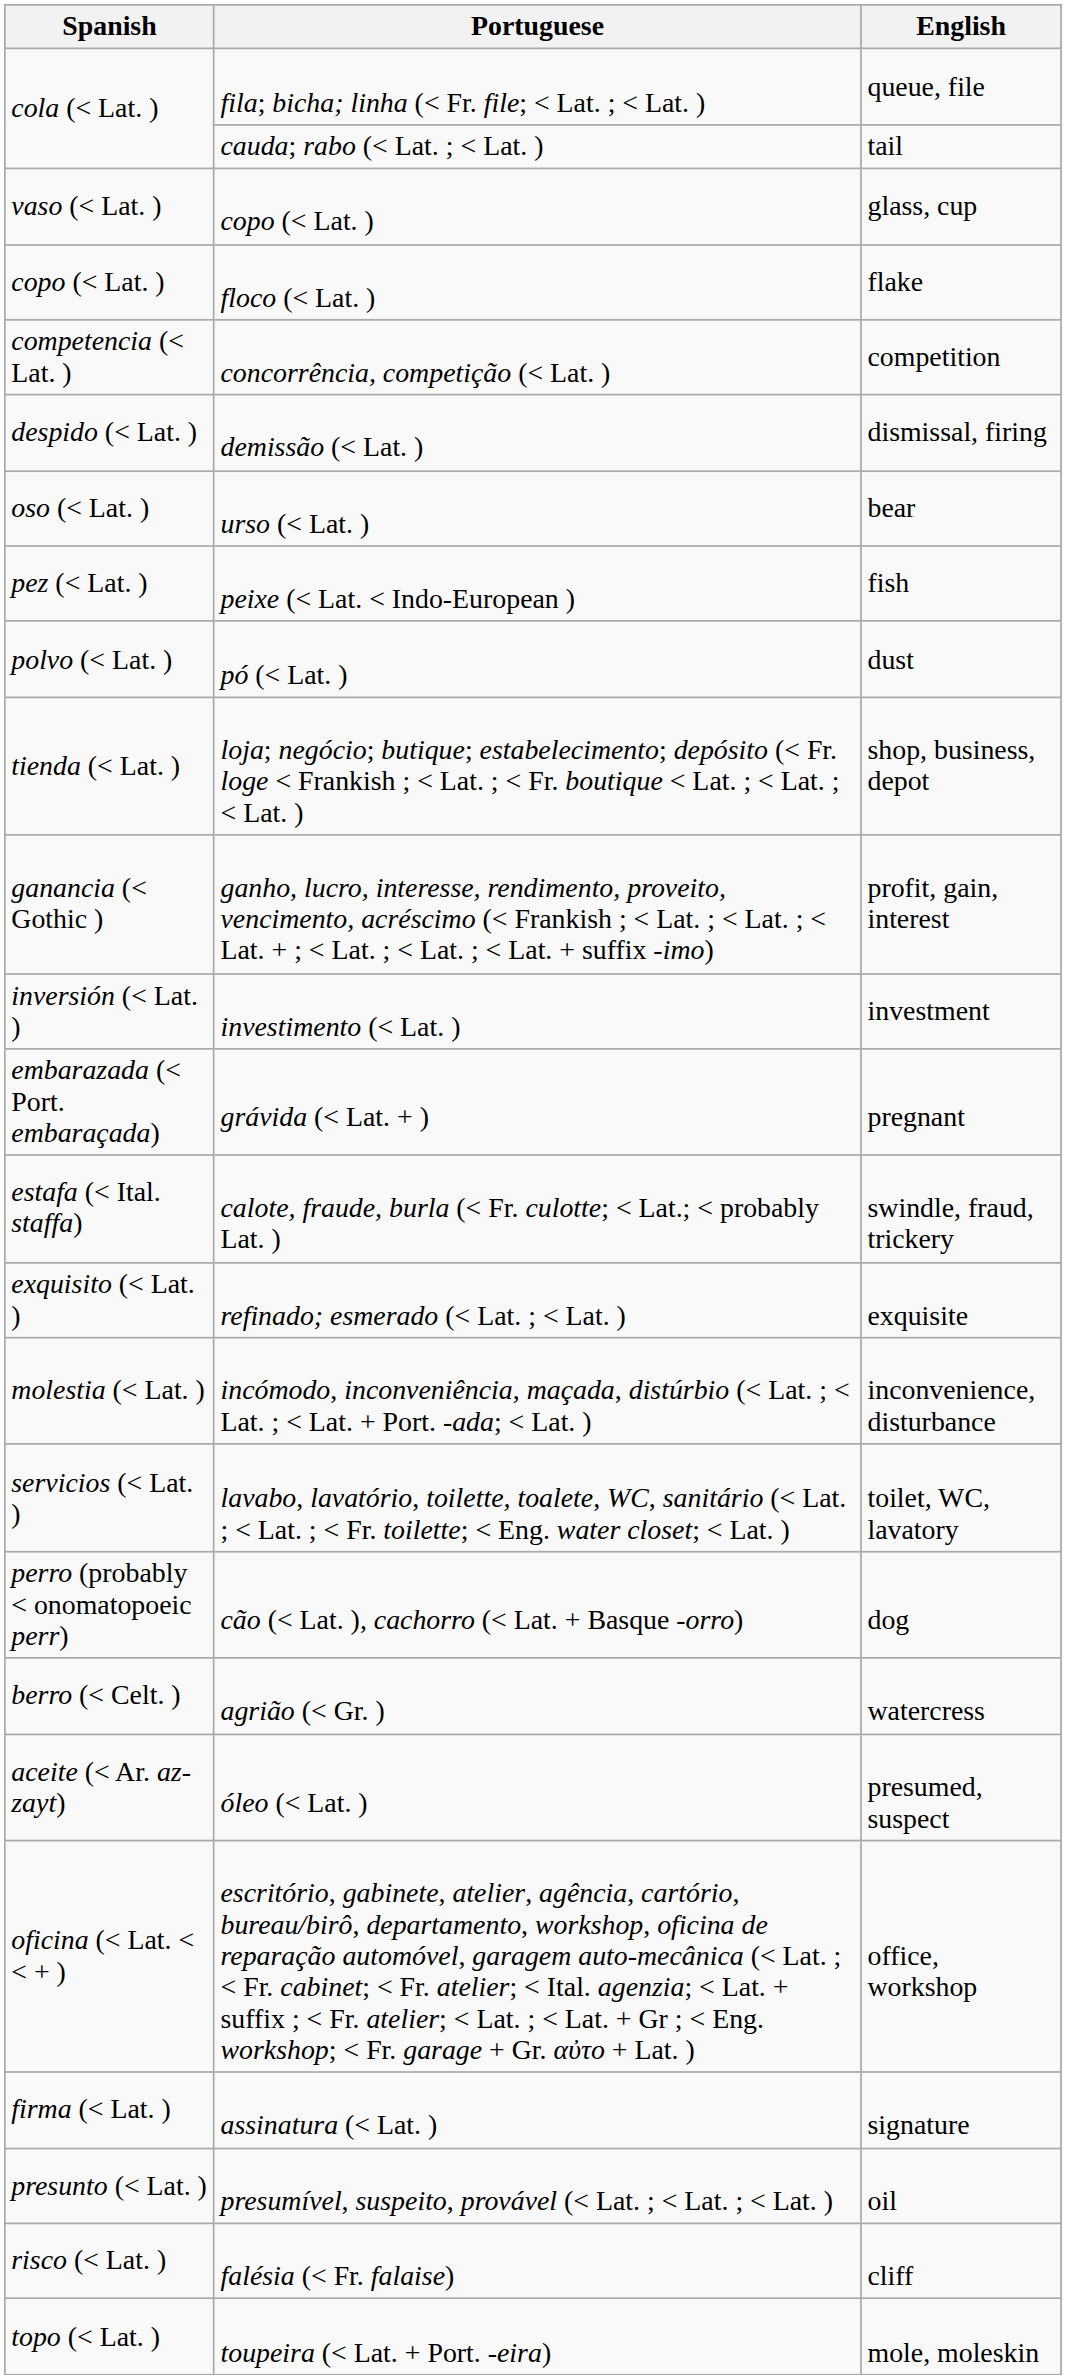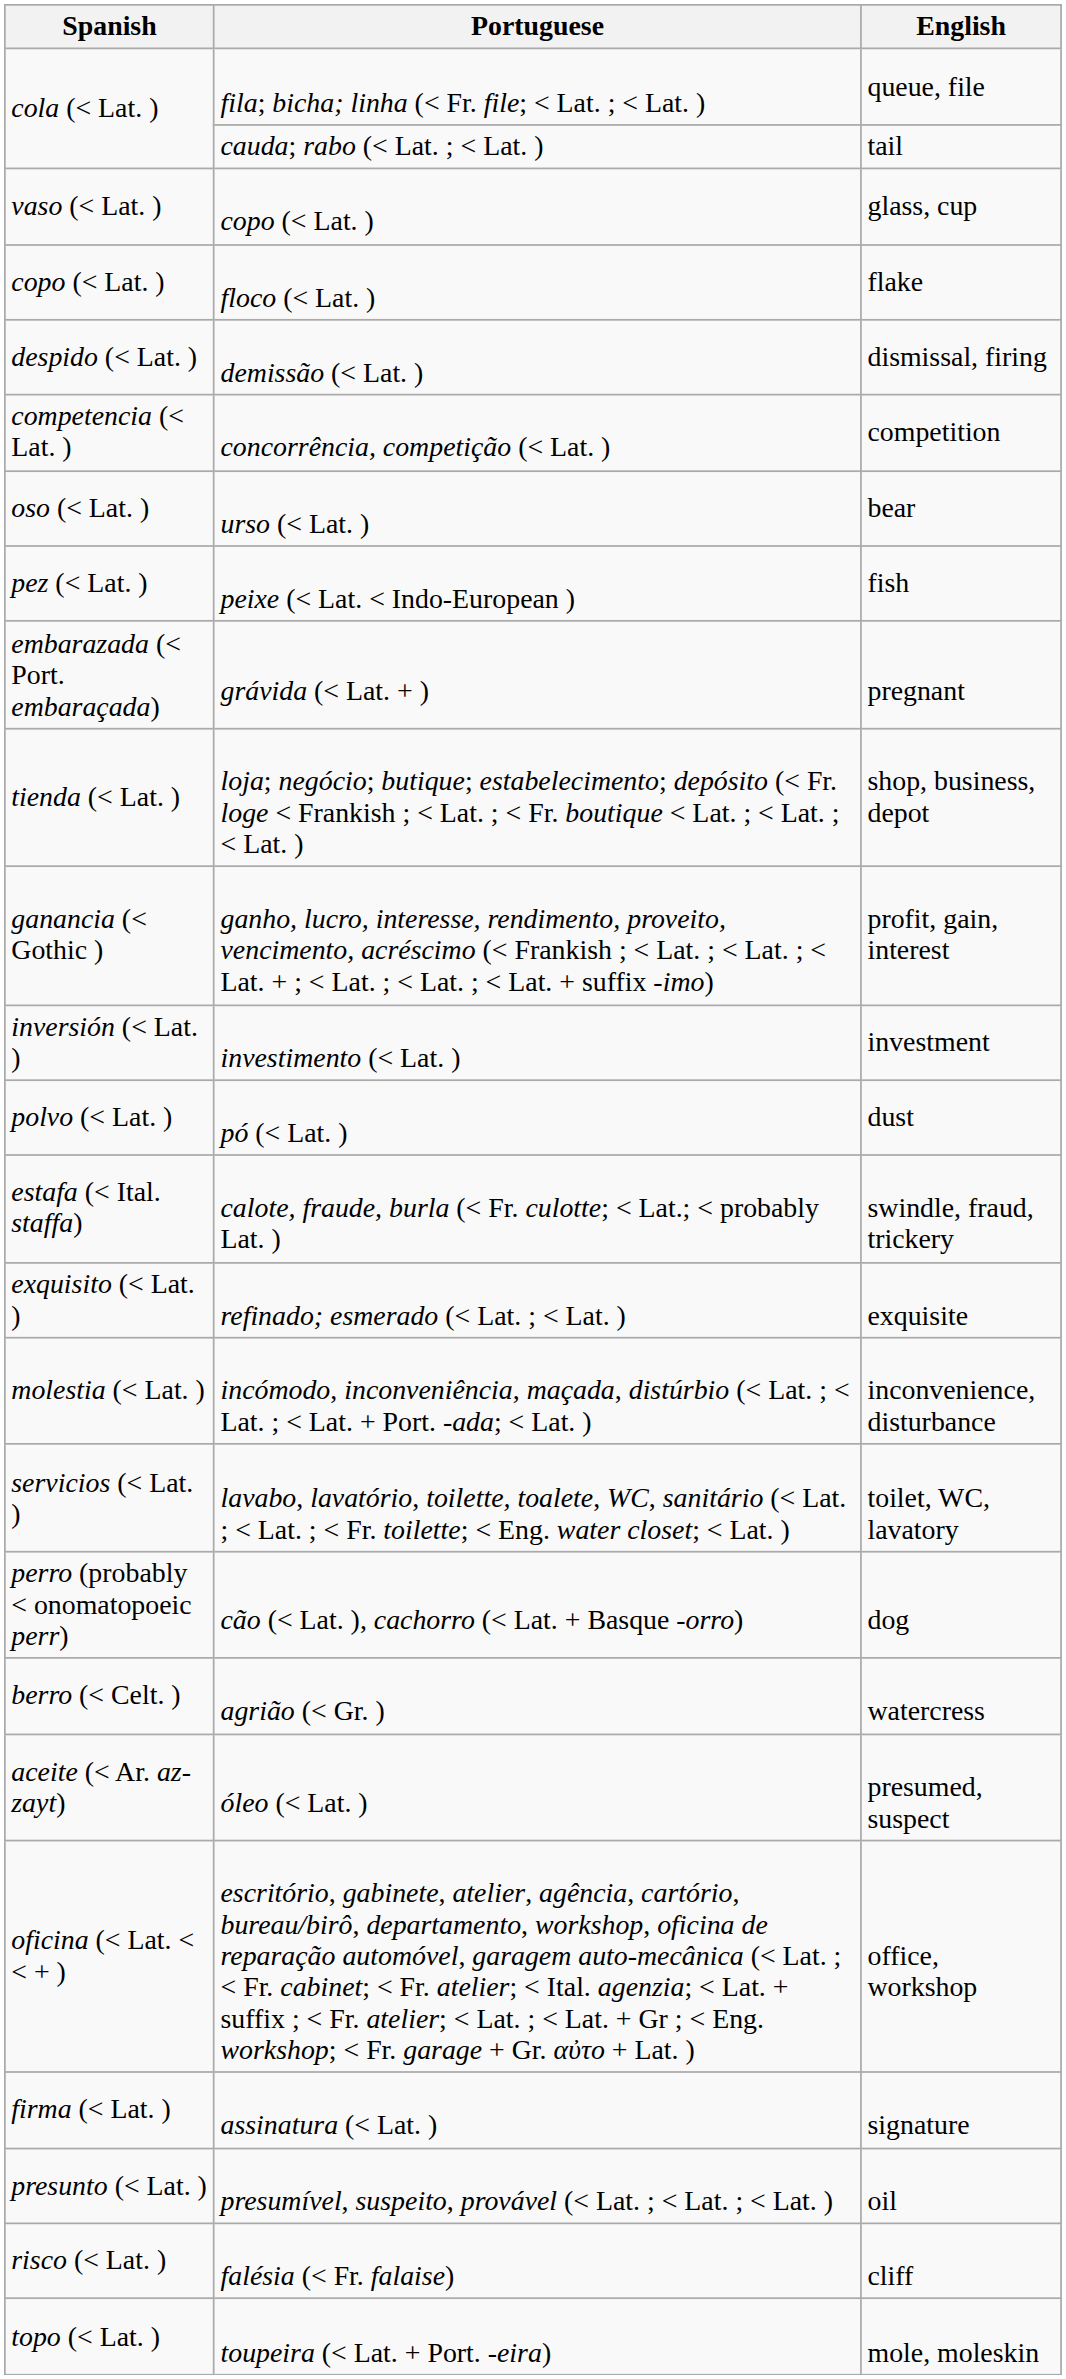 <table class="wikitable">
 <tr align=center>
 <th>Spanish</th>
 <th>Portuguese</th>
 <th>English</th>
 </tr>
 <tr align=left>
 <td rowspan="2"><em>cola</em> (< Lat. )</td>
 <td><br><em>fila</em>; <em>bicha; linha</em> (< Fr. <em>file</em>; < Lat. ; < Lat. )</td>
 <td>queue, file</td>
 </tr>
 <tr>
 <td><em>cauda</em>; <em>rabo</em> (< Lat. ; < Lat. )</td>
 <td>tail</td>
 </tr>
 <tr align=left>
 <td><em>vaso</em> (< Lat. )</td>
 <td><br><em>copo</em> (< Lat. )</td>
 <td>glass, cup</td>
 </tr>
 <tr align=left>
 <td><em>copo</em> (< Lat. )</td>
 <td><br><em>floco</em> (< Lat. )</td>
 <td>flake</td>
 </tr>
 <tr align=left>
+<td><em>despido</em> (< Lat. )</td>
+<td><br><em>demissão</em> (< Lat. )</td>
+<td>dismissal, firing</td>
+</tr>
+<tr align=left>
 <td><em>competencia</em> (< Lat. )</td>
 <td><br><em>concorrência, competição</em> (< Lat. )</td>
 <td>competition</td>
-</tr>
-<tr align=left>
-<td><em>despido</em> (< Lat. )</td>
-<td><br><em>demissão</em> (< Lat. )</td>
-<td>dismissal, firing</td>
 </tr>
 <tr align=left>
 <td><em>oso</em> (< Lat. )</td>
 <td><br><em>urso</em> (< Lat. )</td>
 <td>bear</td>
 </tr>
 <tr align=left>
 <td><em>pez</em> (< Lat. )</td>
 <td><br><em>peixe</em> (< Lat.  < Indo-European )</td>
 <td>fish</td>
 </tr>
 <tr align=left>
-<td><em>polvo</em> (< Lat. )</td>
-<td><br><em>pó</em> (< Lat. )</td>
-<td>dust</td>
+<td><em>embarazada</em> (< Port. <em>embaraçada</em>)</td>
+<td><br><em>grávida</em> (< Lat.  + )</td>
+<td><br>pregnant</td>
 </tr>
 <tr align=left>
 <td><em>tienda</em> (< Lat. )</td>
 <td><br><em>loja</em>; <em>negócio</em>; <em>butique</em>; <em>estabelecimento</em>; <em>depósito</em> (< Fr. <em>loge</em> < Frankish ; < Lat. ; < Fr. <em>boutique</em> < Lat. ; < Lat. ; < Lat. )</td>
 <td>shop, business, depot</td>
 </tr>
 <tr align=left>
 <td><em>ganancia</em> (< Gothic )</td>
 <td><br><em>ganho, lucro, interesse, rendimento, proveito, vencimento, acréscimo</em> (< Frankish ; < Lat. ; < Lat. ; < Lat.  + ; < Lat. ; < Lat. ; < Lat.  + suffix <em>-imo</em>)</td>
 <td>profit, gain, interest</td>
 </tr>
 <tr align=left>
 <td><em>inversión</em> (< Lat. )</td>
 <td><br><em>investimento</em> (< Lat. )</td>
 <td>investment</td>
 </tr>
 <tr align=left>
-<td><em>embarazada</em> (< Port. <em>embaraçada</em>)</td>
-<td><br><em>grávida</em> (< Lat.  + )</td>
-<td><br>pregnant</td>
+<td><em>polvo</em> (< Lat. )</td>
+<td><br><em>pó</em> (< Lat. )</td>
+<td>dust</td>
 </tr>
 <tr align=left>
 <td><em>estafa</em> (< Ital. <em>staffa</em>)</td>
 <td><br><em>calote, fraude, burla</em> (< Fr. <em>culotte</em>; < Lat.; < probably Lat. )</td>
 <td><br>swindle, fraud, trickery</td>
 </tr>
 <tr align=left>
 <td><em>exquisito</em> (< Lat. )</td>
 <td><br><em>refinado; esmerado</em>  (< Lat. ; < Lat. )</td>
 <td><br>exquisite</td>
 </tr>
 <tr align=left>
 <td><em>molestia</em> (< Lat. )</td>
 <td><br><em>incómodo</em>, <em>inconveniência</em>, <em>maçada</em>, <em>distúrbio</em> (< Lat. ; < Lat. ; < Lat.  + Port. <em>-ada</em>; < Lat. )</td>
 <td><br>inconvenience, disturbance</td>
 </tr>
 <tr align=left>
 <td><em>servicios</em> (< Lat. )</td>
 <td><br><em>lavabo</em>, <em>lavatório</em>, <em>toilette, toalete</em>, <em>WC</em>, <em>sanitário</em> (< Lat. ; < Lat. ; < Fr. <em>toilette</em>; < Eng. <em>water closet</em>; < Lat. )</td>
 <td><br>toilet, WC, lavatory</td>
 </tr>
 <tr align=left>
 <td><em>perro</em> (probably < onomatopoeic <em>perr</em>)</td>
 <td><br><em>cão</em> (< Lat. ), <em>cachorro</em> (< Lat.  + Basque <em>-orro</em>)</td>
 <td><br>dog</td>
 </tr>
 <tr align=left>
 <td><em>berro</em> (< Celt. )</td>
 <td><br><em>agrião</em> (< Gr. )</td>
 <td><br>watercress</td>
 </tr>
 <tr align=left>
 <td><em>aceite</em> (< Ar. <em>az-zayt</em>)</td>
 <td><br><em>óleo</em> (< Lat. )</td>
 <td><br>presumed, suspect</td>
 </tr>
 <tr align=left>
 <td><em>oficina</em> (< Lat.  <   <  + )</td>
 <td><br><em>escritório</em>, <em>gabinete</em>, <em>atelier</em>, <em>agência</em>, <em>cartório</em>, <em>bureau/birô</em>, <em>departamento</em>, <em>workshop</em>, <em>oficina de reparação automóvel</em>, <em>garagem auto-mecânica</em> (< Lat. ; < Fr. <em>cabinet</em>; < Fr. <em>atelier</em>; < Ital. <em>agenzia</em>; < Lat.  + suffix ; < Fr. <em>atelier</em>; < Lat. ; < Lat. + Gr ; < Eng. <em>workshop</em>; < Fr. <em>garage</em> + Gr. <em>αὐτο</em> + Lat. )</td>
 <td><br>office, workshop</td>
 </tr>
 <tr align=left>
 <td><em>firma</em> (< Lat. )</td>
 <td><br><em>assinatura</em> (< Lat. )</td>
 <td><br>signature</td>
 </tr>
 <tr align=left>
 <td><em>presunto</em> (< Lat. )</td>
 <td><br><em>presumível</em>, <em>suspeito</em>, <em>provável</em> (< Lat. ; < Lat. ; < Lat. )</td>
 <td><br>oil</td>
 </tr>
 <tr align=left>
 <td><em>risco</em> (< Lat. )</td>
 <td><br><em>falésia</em> (< Fr. <em>falaise</em>)</td>
 <td><br>cliff</td>
 </tr>
 <tr align=left>
 <td><em>topo</em> (< Lat. )</td>
 <td><br><em>toupeira</em> (< Lat.  + Port. <em>-eira</em>)</td>
 <td><br>mole, moleskin</td>
 </tr>
 </table>
